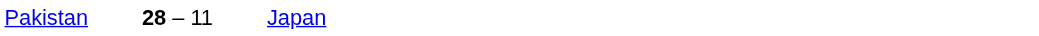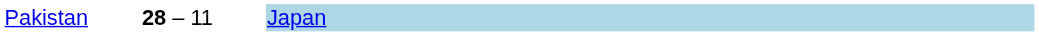 <table style="text-align:center; width:100%;">
 <tr>
 <th width=45%></th>
 <th width=10%></th>
 <th width=45%></th>
 </tr>
 <tr>
 <td align=right><a href='#'>Pakistan</a> </td>
 <td><strong>28</strong> – 11</td>
-<td align=left> <a href='#'>Japan</a></td>
+<td align=left style="background: lightblue;"> <a href='#'>Japan</a></td>
 </tr>
 </table>
